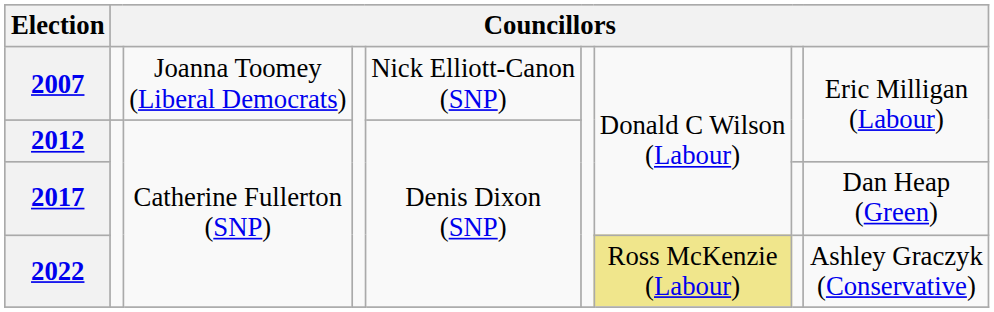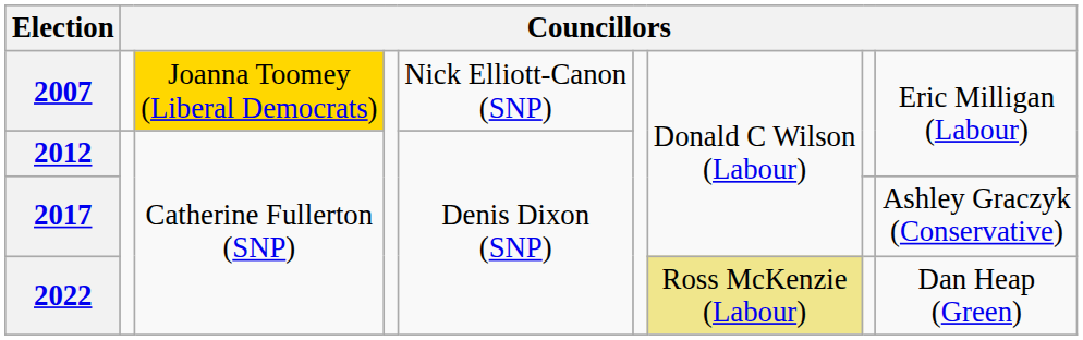 <table class="wikitable" style="text-align:center">
 <tr>
 <th>Election</th>
 <th colspan=8>Councillors</th>
 </tr>
 <tr>
 <th><a href='#'>2007</a></th>
 <td rowspan=1; style="background-color: "></td>
-<td rowspan=1>Joanna Toomey<br>(<a href='#'>Liberal Democrats</a>)</td>
+<td rowspan=1 style="background: gold;">Joanna Toomey<br>(<a href='#'>Liberal Democrats</a>)</td>
 <td rowspan=4; style="background-color: "></td>
 <td rowspan=1>Nick Elliott-Canon<br>(<a href='#'>SNP</a>)</td>
 <td rowspan=4; style="background-color: "></td>
 <td rowspan=3>Donald C Wilson<br>(<a href='#'>Labour</a>)</td>
 <td rowspan=2; style="background-color: "></td>
 <td rowspan=2>Eric Milligan<br>(<a href='#'>Labour</a>)</td>
 </tr>
 <tr>
 <th><a href='#'>2012</a></th>
 <td rowspan=3; style="background-color: "></td>
 <td rowspan=3>Catherine Fullerton<br>(<a href='#'>SNP</a>)</td>
 <td rowspan=3>Denis Dixon<br>(<a href='#'>SNP</a>)</td>
 </tr>
 <tr>
 <th><a href='#'>2017</a></th>
 <td rowspan=1; style="background-color: "></td>
-<td rowspan=1>Dan Heap<br>(<a href='#'>Green</a>)</td>
+<td rowspan=1>Ashley Graczyk<br>(<a href='#'>Conservative</a>)</td>
 </tr>
 <tr>
 <th><a href='#'>2022</a></th>
 <td rowspan=1 style="background: khaki;">Ross McKenzie<br>(<a href='#'>Labour</a>)</td>
 <td rowspan=1; style="background-color: "></td>
-<td rowspan=1>Ashley Graczyk<br>(<a href='#'>Conservative</a>)</td>
+<td rowspan=1>Dan Heap<br>(<a href='#'>Green</a>)</td>
 </tr>
 </table>
